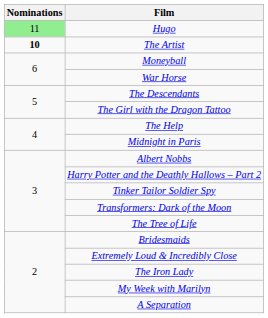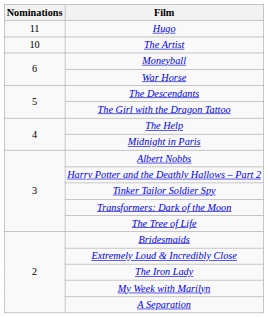 <table class="wikitable" style="text-align: center;">
 <tr>
 <th scope="col" width="55">Nominations</th>
 <th scope="col" align="center">Film</th>
 </tr>
 <tr>
-<td style="background: lightgreen; text-align: center;">11</td>
+<td style="text-align: center;">11</td>
 <td><em><a href='#'>Hugo</a></em></td>
 </tr>
 <tr>
-<td style="text-align: center;"><strong>10</strong></td>
+<td style="text-align: center;">10</td>
 <td><em><a href='#'>The Artist</a></em></td>
 </tr>
 <tr>
 <td rowspan=2 style="text-align:center">6</td>
 <td><em><a href='#'>Moneyball</a></em></td>
 </tr>
 <tr>
 <td><em><a href='#'>War Horse</a></em></td>
 </tr>
 <tr>
 <td rowspan=2 style="text-align:center">5</td>
 <td><em><a href='#'>The Descendants</a></em></td>
 </tr>
 <tr>
 <td><em><a href='#'>The Girl with the Dragon Tattoo</a></em></td>
 </tr>
 <tr>
 <td rowspan=2 style="text-align:center">4</td>
 <td><em><a href='#'>The Help</a></em></td>
 </tr>
 <tr>
 <td><em><a href='#'>Midnight in Paris</a></em></td>
 </tr>
 <tr>
 <td rowspan=5 style="text-align:center">3</td>
 <td><em><a href='#'>Albert Nobbs</a></em></td>
 </tr>
 <tr>
 <td><em><a href='#'>Harry Potter and the Deathly Hallows – Part 2</a></em></td>
 </tr>
 <tr>
 <td><em><a href='#'>Tinker Tailor Soldier Spy</a></em></td>
 </tr>
 <tr>
 <td><em><a href='#'>Transformers: Dark of the Moon</a></em></td>
 </tr>
 <tr>
 <td><em><a href='#'>The Tree of Life</a></em></td>
 </tr>
 <tr>
 <td rowspan=5 style="text-align:center">2</td>
 <td><em><a href='#'>Bridesmaids</a></em></td>
 </tr>
 <tr>
 <td><em><a href='#'>Extremely Loud & Incredibly Close</a></em></td>
 </tr>
 <tr>
 <td><em><a href='#'>The Iron Lady</a></em></td>
 </tr>
 <tr>
 <td><em><a href='#'>My Week with Marilyn</a></em></td>
 </tr>
 <tr>
 <td><em><a href='#'>A Separation</a></em></td>
 </tr>
 </table>
